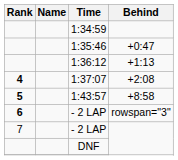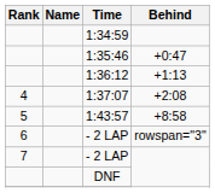 <table class="wikitable" style="text-align:center">
 <tr>
 <th>Rank</th>
 <th>Name</th>
 <th>Time</th>
 <th>Behind</th>
 </tr>
 <tr>
 <td></td>
 <td align=left></td>
 <td>1:34:59</td>
 <td></td>
 </tr>
 <tr>
 <td></td>
 <td align=left></td>
 <td>1:35:46</td>
 <td>+0:47</td>
 </tr>
 <tr>
 <td></td>
 <td align=left></td>
 <td>1:36:12</td>
 <td>+1:13</td>
 </tr>
 <tr>
-<td><strong>4</strong></td>
+<td>4</td>
 <td align=left></td>
 <td>1:37:07</td>
 <td>+2:08</td>
 </tr>
 <tr>
-<td><strong>5</strong></td>
+<td>5</td>
 <td align=left></td>
 <td>1:43:57</td>
 <td>+8:58</td>
 </tr>
 <tr>
-<td><strong>6</strong></td>
+<td>6</td>
 <td align=left></td>
 <td>- 2 LAP</td>
 <td>rowspan="3" </td>
 </tr>
 <tr>
 <td>7</td>
 <td align=left></td>
 <td>- 2 LAP</td>
 </tr>
 <tr>
 <td></td>
 <td align="left"></td>
 <td>DNF</td>
 </tr>
 <tr>
 </tr>
 </table>
